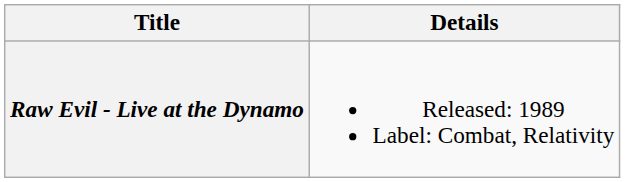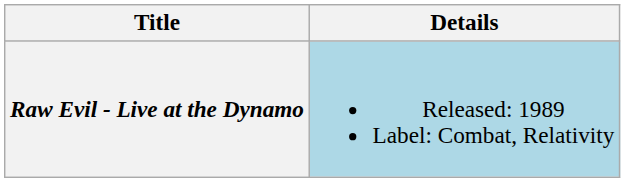 <table class="wikitable plainrowheaders" style="text-align: center;">
 <tr>
 <th scope="col">Title</th>
 <th scope="col">Details</th>
 </tr>
 <tr>
 <th scope="row"><em>Raw Evil - Live at the Dynamo</em></th>
-<td><br><ul><li>Released: 1989</li><li>Label: Combat, Relativity</li></ul></td>
+<td style="background: lightblue;"><br><ul><li>Released: 1989</li><li>Label: Combat, Relativity</li></ul></td>
 </tr>
 </table>
